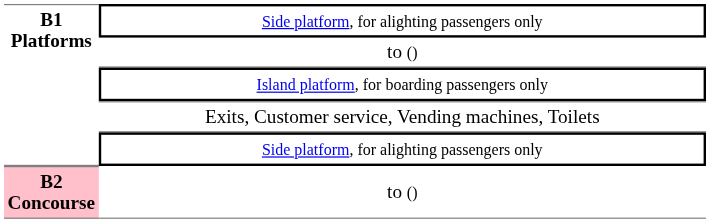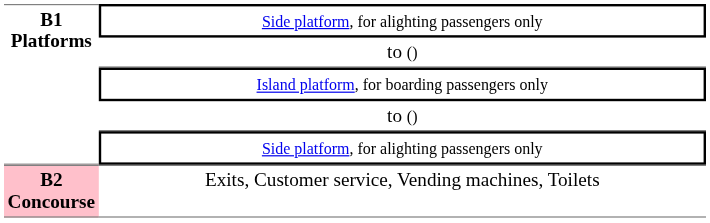 <table table border=0 cellspacing=0 cellpadding=3>
 <tr>
 <td style="border-bottom:solid 1px gray; border-top:solid 1px gray;text-align:center" rowspan="5" valign=top width=50><strong>B1<br>Platforms</strong></td>
 <td style="border-right:solid 2px black;border-left:solid 2px black;border-top:solid 2px black;border-bottom:solid 2px black;text-align:center;"><small><a href='#'>Side platform</a>, for alighting passengers only</small></td>
 </tr>
 <tr>
 <td style="border-bottom:solid 1px gray;text-align:center;">  to  <small>()</small></td>
 </tr>
 <tr>
 <td style="border-right:solid 2px black;border-left:solid 2px black;border-top:solid 2px black;border-bottom:solid 2px black;text-align:center;"><small><a href='#'>Island platform</a>, for boarding passengers only</small></td>
 </tr>
 <tr>
-<td style="border-bottom:solid 1px gray; border-top:solid 1px gray;text-align:center" valign=top width=500>Exits, Customer service, Vending machines, Toilets</td>
+<td style="border-bottom:solid 1px gray;text-align:center;">  to  <small>()</small></td>
 </tr>
 <tr>
 <td style="border-right:solid 2px black;border-left:solid 2px black;border-top:solid 2px black;border-bottom:solid 2px black;text-align:center;"><small><a href='#'>Side platform</a>, for alighting passengers only</small></td>
 </tr>
 <tr>
 <td style="background: pink; border-bottom:solid 1px gray; border-top:solid 1px gray;text-align:center" valign=top><strong>B2<br>Concourse</strong></td>
-<td style="border-bottom:solid 1px gray;text-align:center;">  to  <small>()</small></td>
+<td style="border-bottom:solid 1px gray; border-top:solid 1px gray;text-align:center" valign=top width=500>Exits, Customer service, Vending machines, Toilets</td>
 </tr>
 </table>
